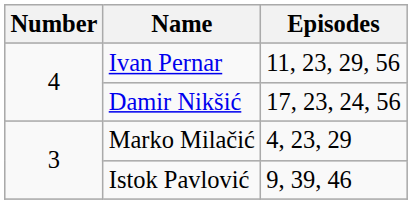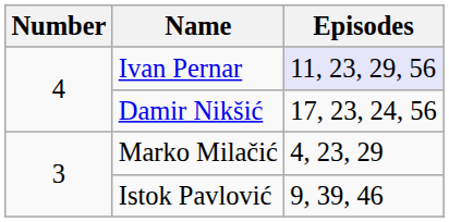 <table class="wikitable">
 <tr>
 <th>Number</th>
 <th>Name</th>
 <th>Episodes</th>
 </tr>
 <tr>
 <td rowspan=2 style="text-align:center;">4</td>
 <td><a href='#'>Ivan Pernar</a></td>
-<td>11, 23, 29, 56</td>
+<td style="background: lavender;">11, 23, 29, 56</td>
 </tr>
 <tr>
 <td><a href='#'>Damir Nikšić</a></td>
 <td>17, 23, 24, 56</td>
 </tr>
 <tr>
 <td rowspan=2 style="text-align:center;">3</td>
 <td>Marko Milačić</td>
 <td>4, 23, 29</td>
 </tr>
 <tr>
 <td>Istok Pavlović</td>
 <td>9, 39, 46</td>
 </tr>
 </table>
